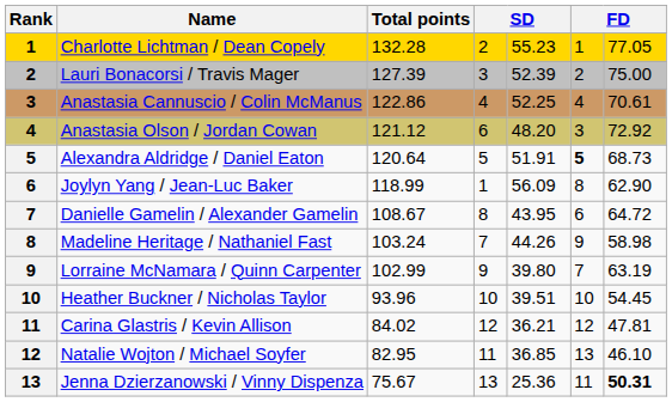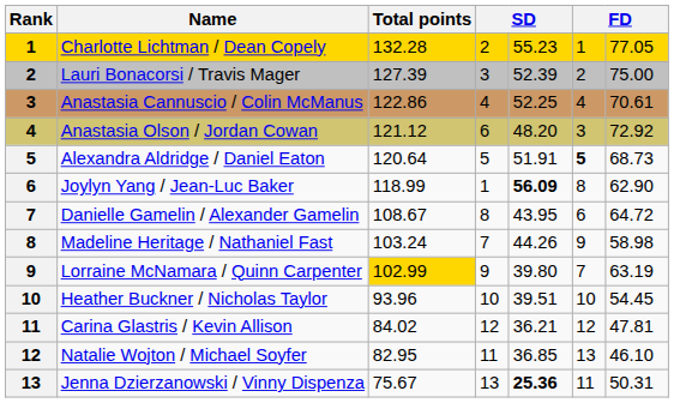 <table class="wikitable sortable">
 <tr>
 <th>Rank</th>
 <th>Name</th>
 <th>Total points</th>
 <th colspan="2" width="80px"><a href='#'>SD</a></th>
 <th colspan="2" width="80px"><a href='#'>FD</a></th>
 </tr>
 <tr bgcolor="gold">
 <td align="center"><strong>1</strong></td>
 <td><a href='#'>Charlotte Lichtman</a> / <a href='#'>Dean Copely</a></td>
 <td>132.28</td>
 <td>2</td>
 <td>55.23</td>
 <td>1</td>
 <td>77.05</td>
 </tr>
 <tr bgcolor="silver">
 <td align="center"><strong>2</strong></td>
 <td><a href='#'>Lauri Bonacorsi</a> / Travis Mager</td>
 <td>127.39</td>
 <td>3</td>
 <td>52.39</td>
 <td>2</td>
 <td>75.00</td>
 </tr>
 <tr bgcolor="cc9966">
 <td align="center"><strong>3</strong></td>
 <td><a href='#'>Anastasia Cannuscio</a> / <a href='#'>Colin McManus</a></td>
 <td>122.86</td>
 <td>4</td>
 <td>52.25</td>
 <td>4</td>
 <td>70.61</td>
 </tr>
 <tr bgcolor="#d1c571">
 <td align="center"><strong>4</strong></td>
 <td><a href='#'>Anastasia Olson</a> / <a href='#'>Jordan Cowan</a></td>
 <td>121.12</td>
 <td>6</td>
 <td>48.20</td>
 <td>3</td>
 <td>72.92</td>
 </tr>
 <tr>
 <th>5</th>
 <td><a href='#'>Alexandra Aldridge</a> / <a href='#'>Daniel Eaton</a></td>
 <td>120.64</td>
 <td>5</td>
 <td>51.91</td>
 <td><strong>5</strong></td>
 <td>68.73</td>
 </tr>
 <tr>
 <th>6</th>
 <td><a href='#'>Joylyn Yang</a> / <a href='#'>Jean-Luc Baker</a></td>
 <td>118.99</td>
 <td>1</td>
-<td>56.09</td>
+<td><strong>56.09</strong></td>
 <td>8</td>
 <td>62.90</td>
 </tr>
 <tr>
 <th>7</th>
 <td><a href='#'>Danielle Gamelin</a> / <a href='#'>Alexander Gamelin</a></td>
 <td>108.67</td>
 <td>8</td>
 <td>43.95</td>
 <td>6</td>
 <td>64.72</td>
 </tr>
 <tr>
 <th>8</th>
 <td><a href='#'>Madeline Heritage</a> / <a href='#'>Nathaniel Fast</a></td>
 <td>103.24</td>
 <td>7</td>
 <td>44.26</td>
 <td>9</td>
 <td>58.98</td>
 </tr>
 <tr>
 <th>9</th>
 <td><a href='#'>Lorraine McNamara</a> / <a href='#'>Quinn Carpenter</a></td>
-<td>102.99</td>
+<td style="background: gold;">102.99</td>
 <td>9</td>
 <td>39.80</td>
 <td>7</td>
 <td>63.19</td>
 </tr>
 <tr>
 <th>10</th>
 <td><a href='#'>Heather Buckner</a> / <a href='#'>Nicholas Taylor</a></td>
 <td>93.96</td>
 <td>10</td>
 <td>39.51</td>
 <td>10</td>
 <td>54.45</td>
 </tr>
 <tr>
 <th>11</th>
 <td><a href='#'>Carina Glastris</a> / <a href='#'>Kevin Allison</a></td>
 <td>84.02</td>
 <td>12</td>
 <td>36.21</td>
 <td>12</td>
 <td>47.81</td>
 </tr>
 <tr>
 <th>12</th>
 <td><a href='#'>Natalie Wojton</a> / <a href='#'>Michael Soyfer</a></td>
 <td>82.95</td>
 <td>11</td>
 <td>36.85</td>
 <td>13</td>
 <td>46.10</td>
 </tr>
 <tr>
 <th>13</th>
 <td><a href='#'>Jenna Dzierzanowski</a> / <a href='#'>Vinny Dispenza</a></td>
 <td>75.67</td>
 <td>13</td>
-<td>25.36</td>
+<td><strong>25.36</strong></td>
 <td>11</td>
-<td><strong>50.31</strong></td>
+<td>50.31</td>
 </tr>
 </table>
